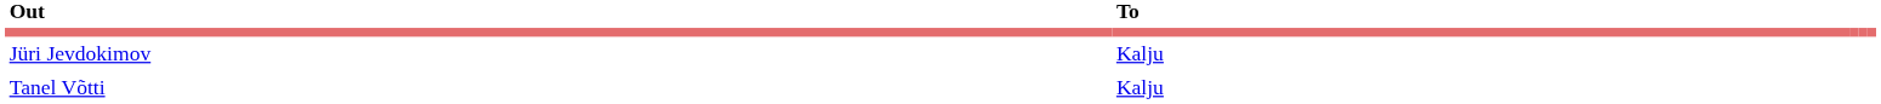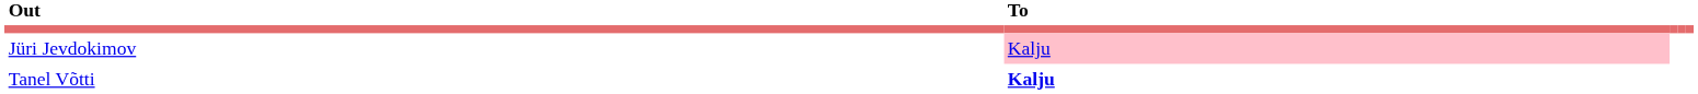 <table cellspacing="0" cellpadding="3" style="width:100%;font-size:90%">
 <tr>
 <td style="width:60%"><strong>Out</strong></td>
 <td style="width:40%"><strong>To</strong></td>
 <td></td>
 </tr>
 <tr style="background-color:#E46C6D;">
 <td></td>
 <td></td>
 <td></td>
 <td></td>
 <td></td>
 </tr>
 <tr>
 <td> <a href='#'>Jüri Jevdokimov</a></td>
-<td> <a href='#'>Kalju</a></td>
+<td style="background: pink;"> <a href='#'>Kalju</a></td>
 </tr>
 <tr>
 <td> <a href='#'>Tanel Võtti</a></td>
-<td> <a href='#'>Kalju</a></td>
+<td><strong> <a href='#'>Kalju</a></strong></td>
 </tr>
 </table>
